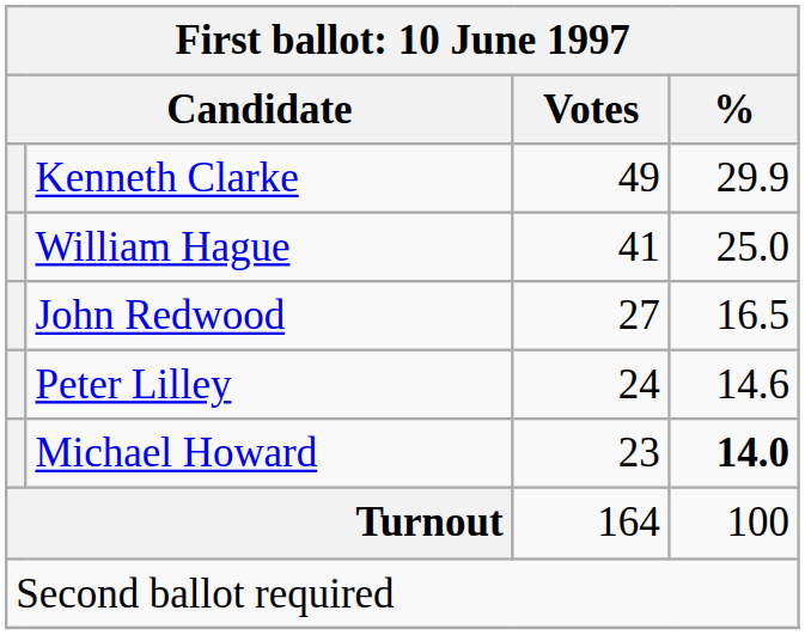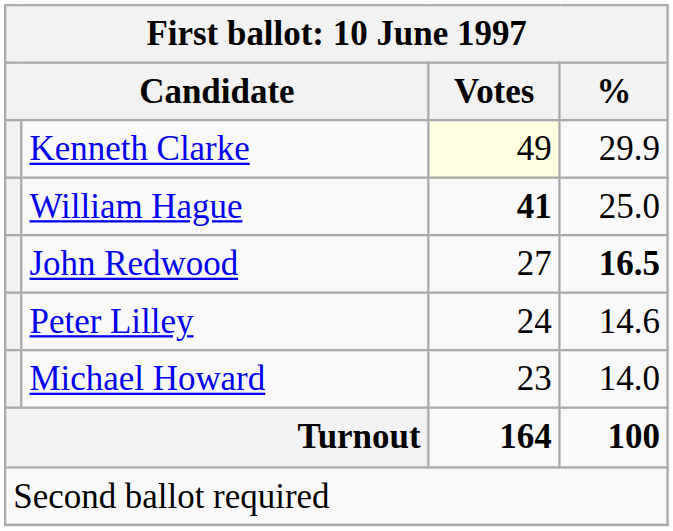 <table class="wikitable" style="font-size:95%;">
 <tr>
 <th colspan="4">First ballot: 10 June 1997</th>
 </tr>
 <tr>
 <th colspan="2" style="width: 170px">Candidate</th>
 <th style="width: 50px">Votes</th>
 <th style="width: 40px">%</th>
 </tr>
 <tr>
 <th style="background-color: "></th>
 <td style="width: 170px"><a href='#'>Kenneth Clarke</a></td>
-<td align="right">49</td>
+<td align="right" style="background: lightyellow;">49</td>
 <td align="right">29.9</td>
 </tr>
 <tr>
 <th style="background-color: "></th>
 <td style="width: 170px"><a href='#'>William Hague</a></td>
-<td align="right">41</td>
+<td align="right"><strong>41</strong></td>
 <td align="right">25.0</td>
 </tr>
 <tr>
 <th style="background-color: "></th>
 <td style="width: 170px"><a href='#'>John Redwood</a></td>
 <td align="right">27</td>
-<td align="right">16.5</td>
+<td align="right"><strong>16.5</strong></td>
 </tr>
 <tr>
 <th style="background-color: "></th>
 <td style="width: 170px"><a href='#'>Peter Lilley</a></td>
 <td align="right">24</td>
 <td align="right">14.6</td>
 </tr>
 <tr>
 <th style="background-color: "></th>
 <td style="width: 170px"><a href='#'>Michael Howard</a></td>
 <td align="right">23</td>
-<td align="right"><strong>14.0</strong></td>
+<td align="right">14.0</td>
 </tr>
 <tr>
 <th colspan="2" style="text-align:right">Turnout</th>
-<td align="right">164</td>
-<td align="right">100</td>
+<td align="right"><strong>164</strong></td>
+<td align="right"><strong>100</strong></td>
 </tr>
 <tr>
 <td colspan="4">Second ballot required</td>
 </tr>
 <tr>
 </tr>
 </table>
